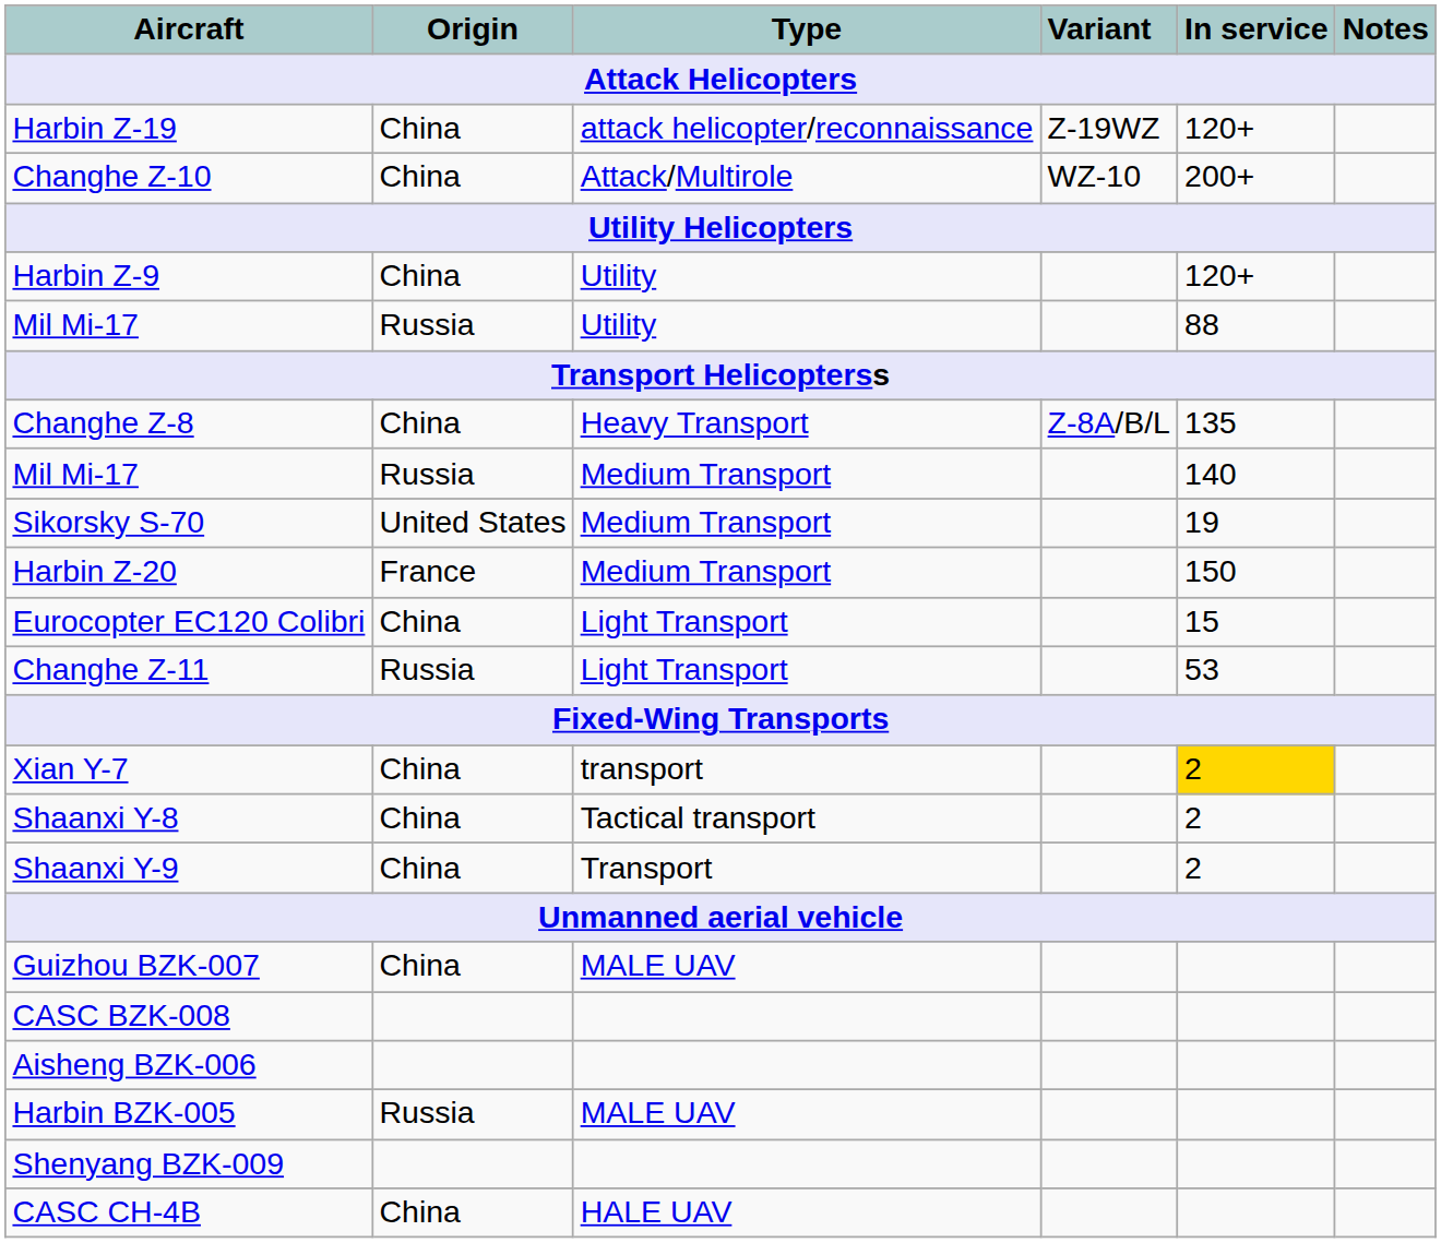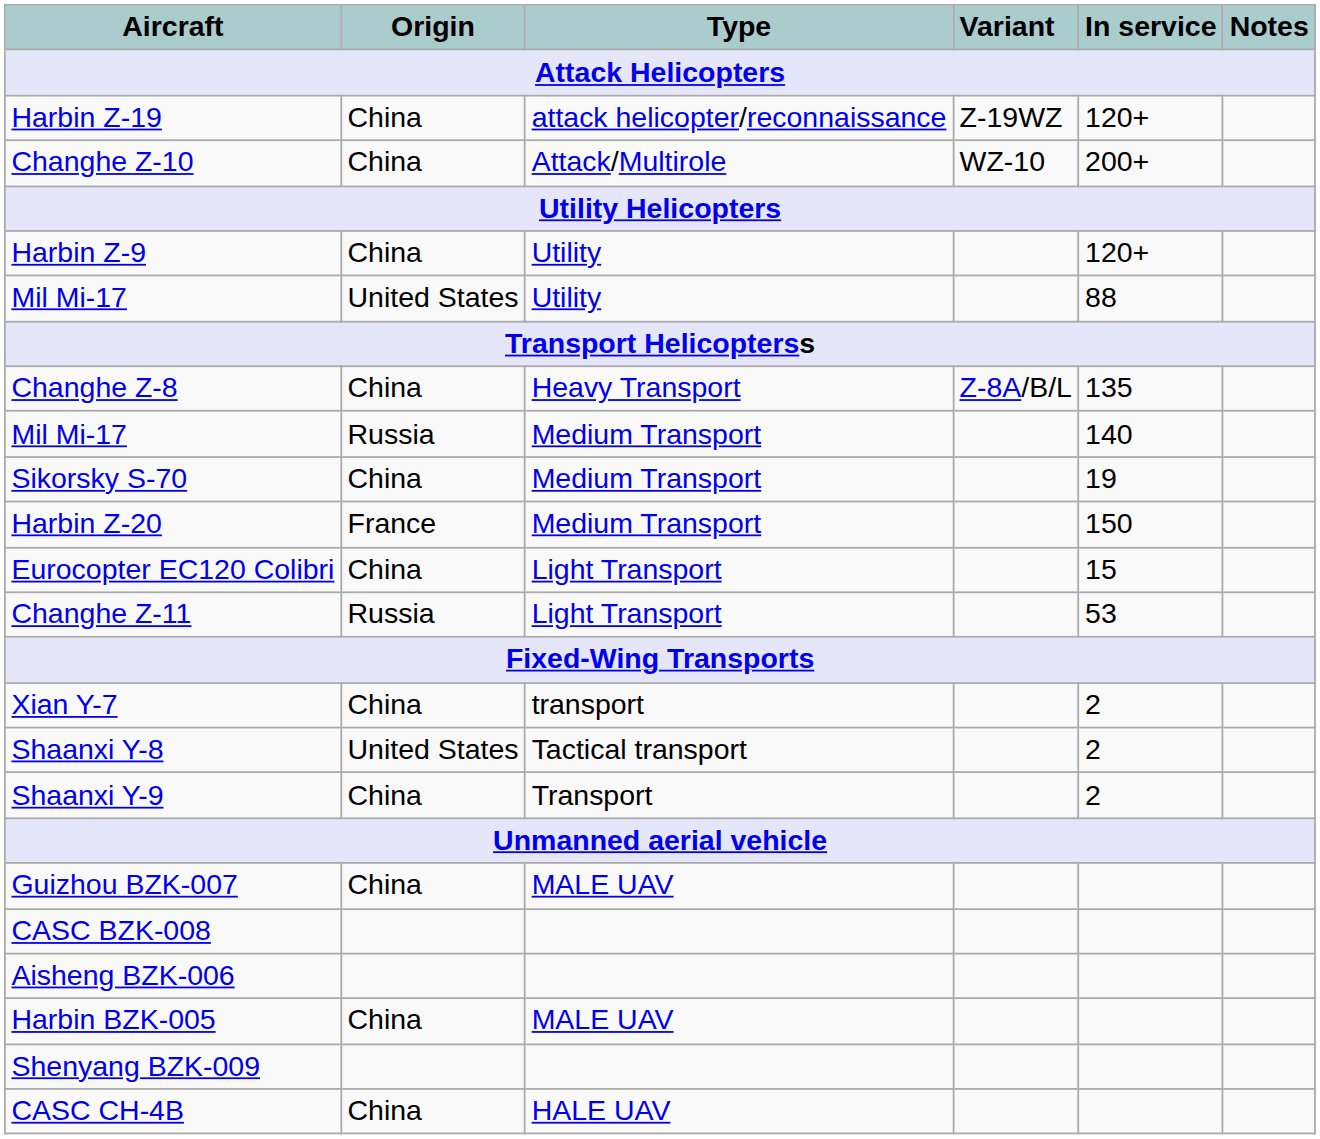 <table class="wikitable">
 <tr>
 <th style="text-align:center; background:#acc;">Aircraft</th>
 <th style="text-align: center; background:#acc;">Origin</th>
 <th style="text-align:l center; background:#acc;">Type</th>
 <th style="text-align:left; background:#acc;">Variant</th>
 <th style="text-align:center; background:#acc;">In service</th>
 <th style="text-align: center; background:#acc;">Notes</th>
 </tr>
 <tr>
 <th colspan="8" style="align: center; background: lavender;"><a href='#'>Attack Helicopters</a></th>
 </tr>
 <tr>
 <td><a href='#'>Harbin Z-19</a></td>
 <td>China</td>
 <td><a href='#'>attack helicopter</a>/<a href='#'>reconnaissance</a></td>
 <td>Z-19WZ</td>
 <td>120+</td>
 <td></td>
 </tr>
 <tr>
 <td><a href='#'>Changhe Z-10</a></td>
 <td>China</td>
 <td><a href='#'>Attack</a>/<a href='#'>Multirole</a></td>
 <td>WZ-10</td>
 <td>200+</td>
 <td></td>
 </tr>
 <tr>
 <th colspan="7" style="align: center; background: lavender;"><a href='#'>Utility Helicopters</a></th>
 </tr>
 <tr>
 <td><a href='#'>Harbin Z-9</a></td>
 <td>China</td>
 <td><a href='#'>Utility</a></td>
 <td></td>
 <td>120+</td>
 <td></td>
 </tr>
 <tr>
 <td><a href='#'>Mil Mi-17</a></td>
-<td>Russia</td>
+<td>United States</td>
 <td><a href='#'>Utility</a></td>
 <td></td>
 <td>88</td>
 <td></td>
 </tr>
 <tr>
 <th colspan="7" style="align: center; background: lavender;"><a href='#'>Transport Helicopters</a>s</th>
 </tr>
 <tr>
 <td><a href='#'>Changhe Z-8</a></td>
 <td>China</td>
 <td><a href='#'>Heavy Transport</a></td>
 <td><a href='#'>Z-8A</a>/B/L</td>
 <td>135</td>
 <td></td>
 </tr>
 <tr>
 <td><a href='#'>Mil Mi-17</a></td>
 <td>Russia</td>
 <td><a href='#'>Medium Transport</a></td>
 <td></td>
 <td>140</td>
 <td></td>
 </tr>
 <tr>
 <td><a href='#'>Sikorsky S-70</a></td>
-<td>United States</td>
+<td>China</td>
 <td><a href='#'>Medium Transport</a></td>
 <td></td>
 <td>19</td>
 <td></td>
 </tr>
 <tr>
 <td><a href='#'>Harbin Z-20</a></td>
 <td>France</td>
 <td><a href='#'>Medium Transport</a></td>
 <td></td>
 <td>150</td>
 <td></td>
 </tr>
 <tr>
 <td><a href='#'>Eurocopter EC120 Colibri</a></td>
 <td>China</td>
 <td><a href='#'>Light Transport</a></td>
 <td></td>
 <td>15</td>
 <td></td>
 </tr>
 <tr>
 <td><a href='#'>Changhe Z-11</a></td>
 <td>Russia</td>
 <td><a href='#'>Light Transport</a></td>
 <td></td>
 <td>53</td>
 <td></td>
 </tr>
 <tr>
 <th colspan="7" style="align: center; background: lavender;"><a href='#'>Fixed-Wing Transports</a></th>
 </tr>
 <tr>
 <td><a href='#'>Xian Y-7</a></td>
 <td>China</td>
 <td>transport</td>
 <td></td>
-<td style="background: gold;">2</td>
+<td>2</td>
 <td></td>
 </tr>
 <tr>
 <td><a href='#'>Shaanxi Y-8</a></td>
-<td>China</td>
+<td>United States</td>
 <td>Tactical transport</td>
 <td></td>
 <td>2</td>
 <td></td>
 </tr>
 <tr>
 <td><a href='#'>Shaanxi Y-9</a></td>
 <td>China</td>
 <td>Transport</td>
 <td></td>
 <td>2</td>
 <td></td>
 </tr>
 <tr>
 <th colspan="7" style="align: center; background: lavender;"><a href='#'>Unmanned aerial vehicle</a></th>
 </tr>
 <tr>
 <td><a href='#'>Guizhou BZK-007</a></td>
 <td>China</td>
 <td><a href='#'>MALE UAV</a></td>
 <td></td>
 <td></td>
 <td></td>
 </tr>
 <tr>
 <td><a href='#'>CASC BZK-008</a></td>
 <td></td>
 <td></td>
 <td></td>
 <td></td>
 <td></td>
 </tr>
 <tr>
 <td><a href='#'>Aisheng BZK-006</a></td>
 <td></td>
 <td></td>
 <td></td>
 <td></td>
 <td></td>
 </tr>
 <tr>
 <td><a href='#'>Harbin BZK-005</a></td>
-<td>Russia</td>
+<td>China</td>
 <td><a href='#'>MALE UAV</a></td>
 <td></td>
 <td></td>
 <td></td>
 </tr>
 <tr>
 <td><a href='#'>Shenyang BZK-009</a></td>
 <td></td>
 <td></td>
 <td></td>
 <td></td>
 <td></td>
 </tr>
 <tr>
 <td><a href='#'>CASC CH-4B</a></td>
 <td>China</td>
 <td><a href='#'>HALE UAV</a></td>
 <td></td>
 <td></td>
 <td></td>
 </tr>
 </table>
